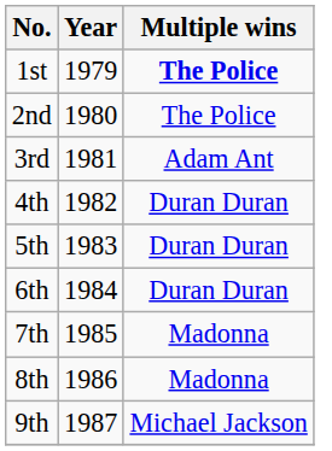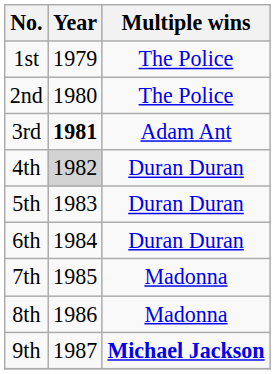 <table class="wikitable" style="font-size:95%; text-align:center">
 <tr>
 <th>No.</th>
 <th>Year</th>
 <th>Multiple wins</th>
 </tr>
 <tr>
 <td>1st</td>
 <td>1979</td>
-<td><strong><a href='#'>The Police</a><br></strong></td>
+<td><a href='#'>The Police</a><br></td>
 </tr>
 <tr>
 <td>2nd</td>
 <td>1980</td>
 <td><a href='#'>The Police</a><br></td>
 </tr>
 <tr>
 <td>3rd</td>
-<td>1981</td>
+<td><strong>1981</strong></td>
 <td><a href='#'>Adam Ant</a><br></td>
 </tr>
 <tr>
 <td>4th</td>
-<td>1982</td>
+<td style="background: lightgrey;">1982</td>
 <td><a href='#'>Duran Duran</a><br></td>
 </tr>
 <tr>
 <td>5th</td>
 <td>1983</td>
 <td><a href='#'>Duran Duran</a><br></td>
 </tr>
 <tr>
 <td>6th</td>
 <td>1984</td>
 <td><a href='#'>Duran Duran</a><br></td>
 </tr>
 <tr>
 <td>7th</td>
 <td>1985</td>
 <td><a href='#'>Madonna</a><br></td>
 </tr>
 <tr>
 <td>8th</td>
 <td>1986</td>
 <td><a href='#'>Madonna</a><br></td>
 </tr>
 <tr>
 <td>9th</td>
 <td>1987</td>
-<td><a href='#'>Michael Jackson</a><br></td>
+<td><strong><a href='#'>Michael Jackson</a><br></strong></td>
 </tr>
 <tr>
 </tr>
 </table>
